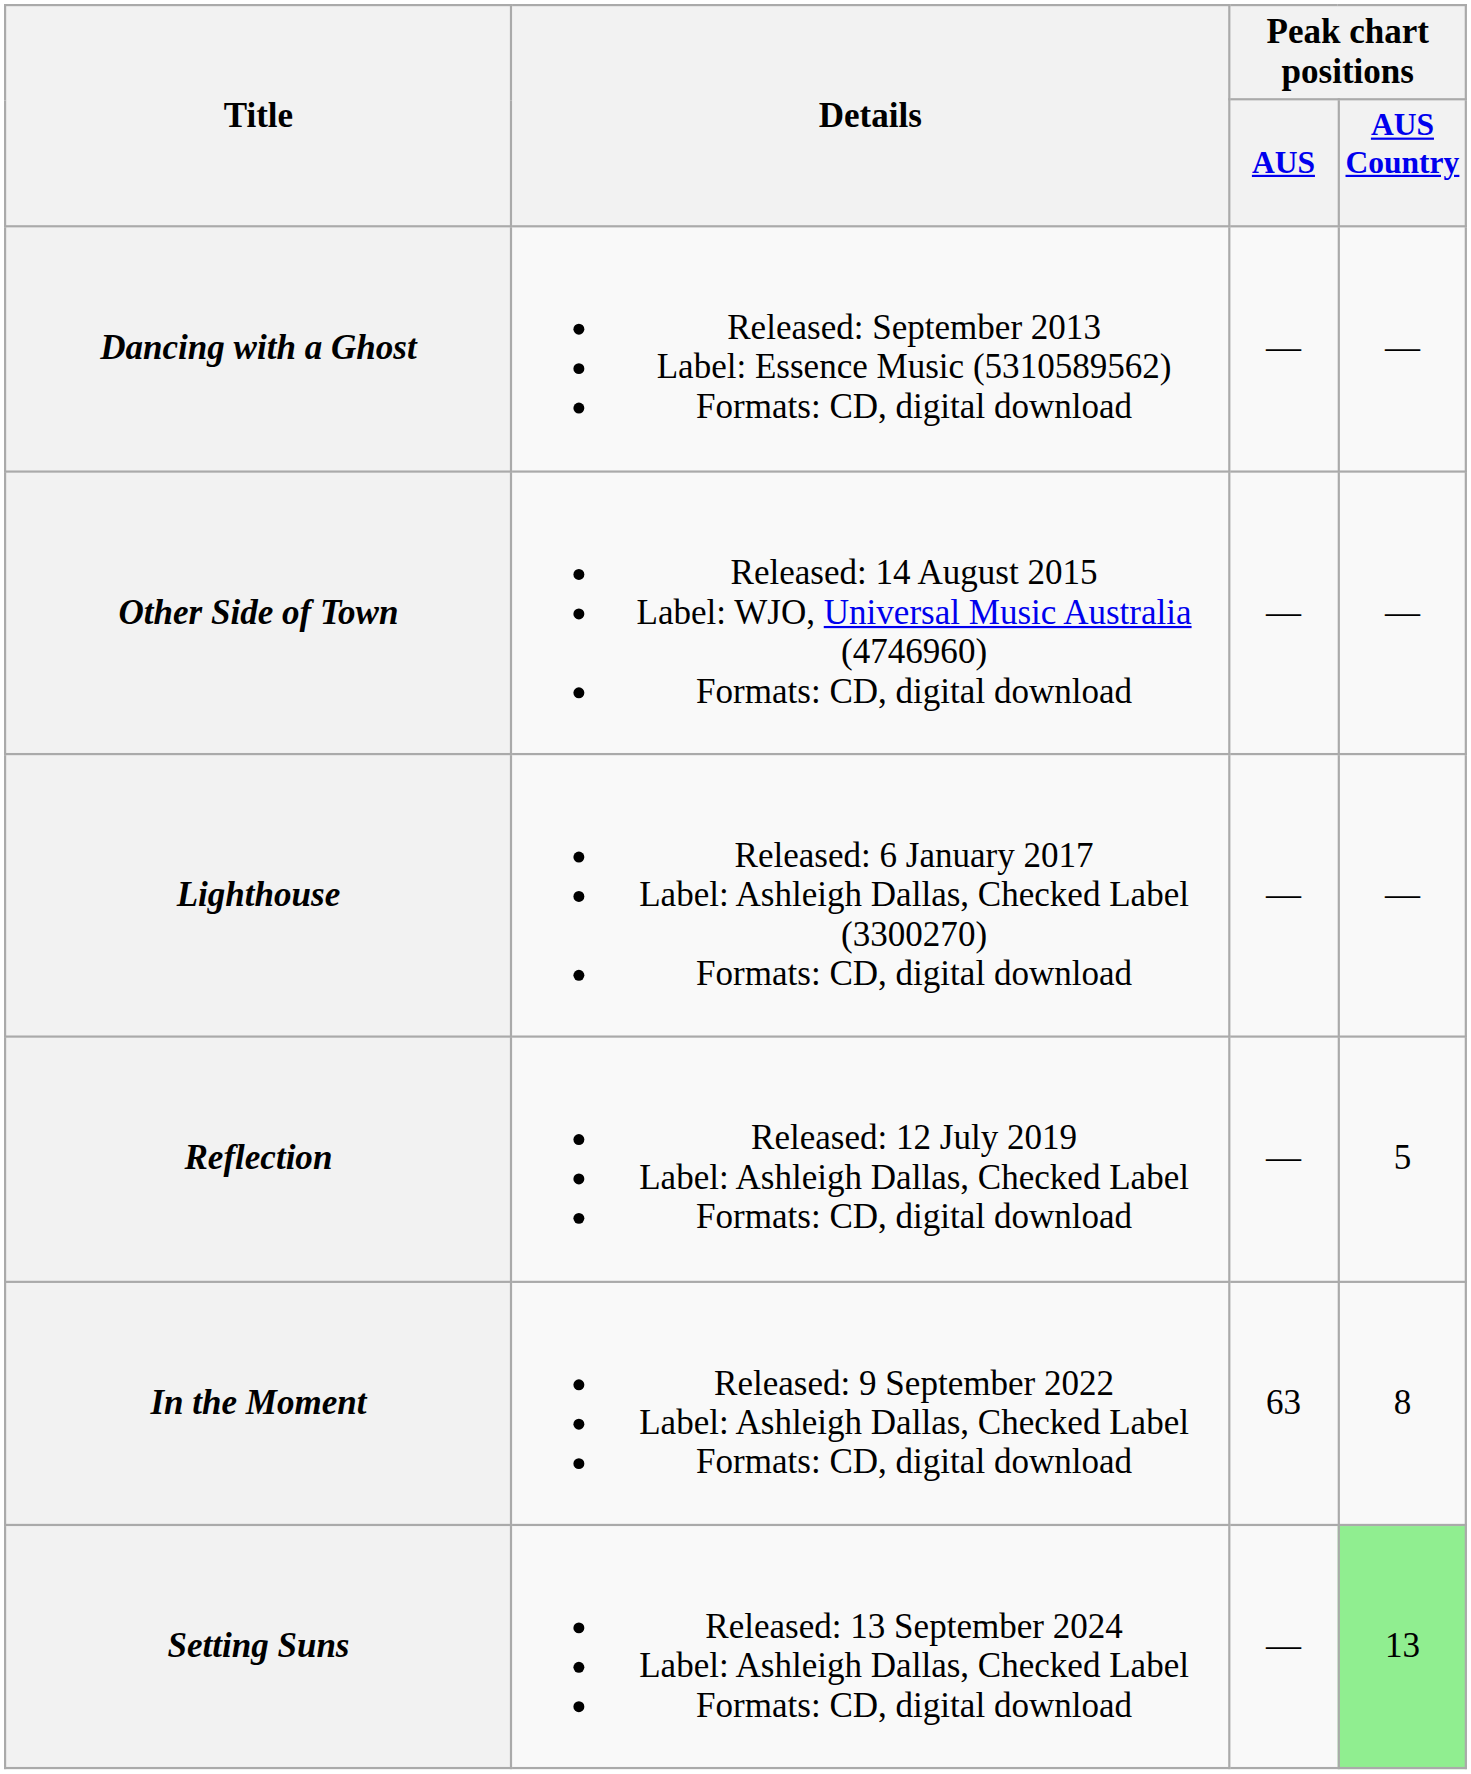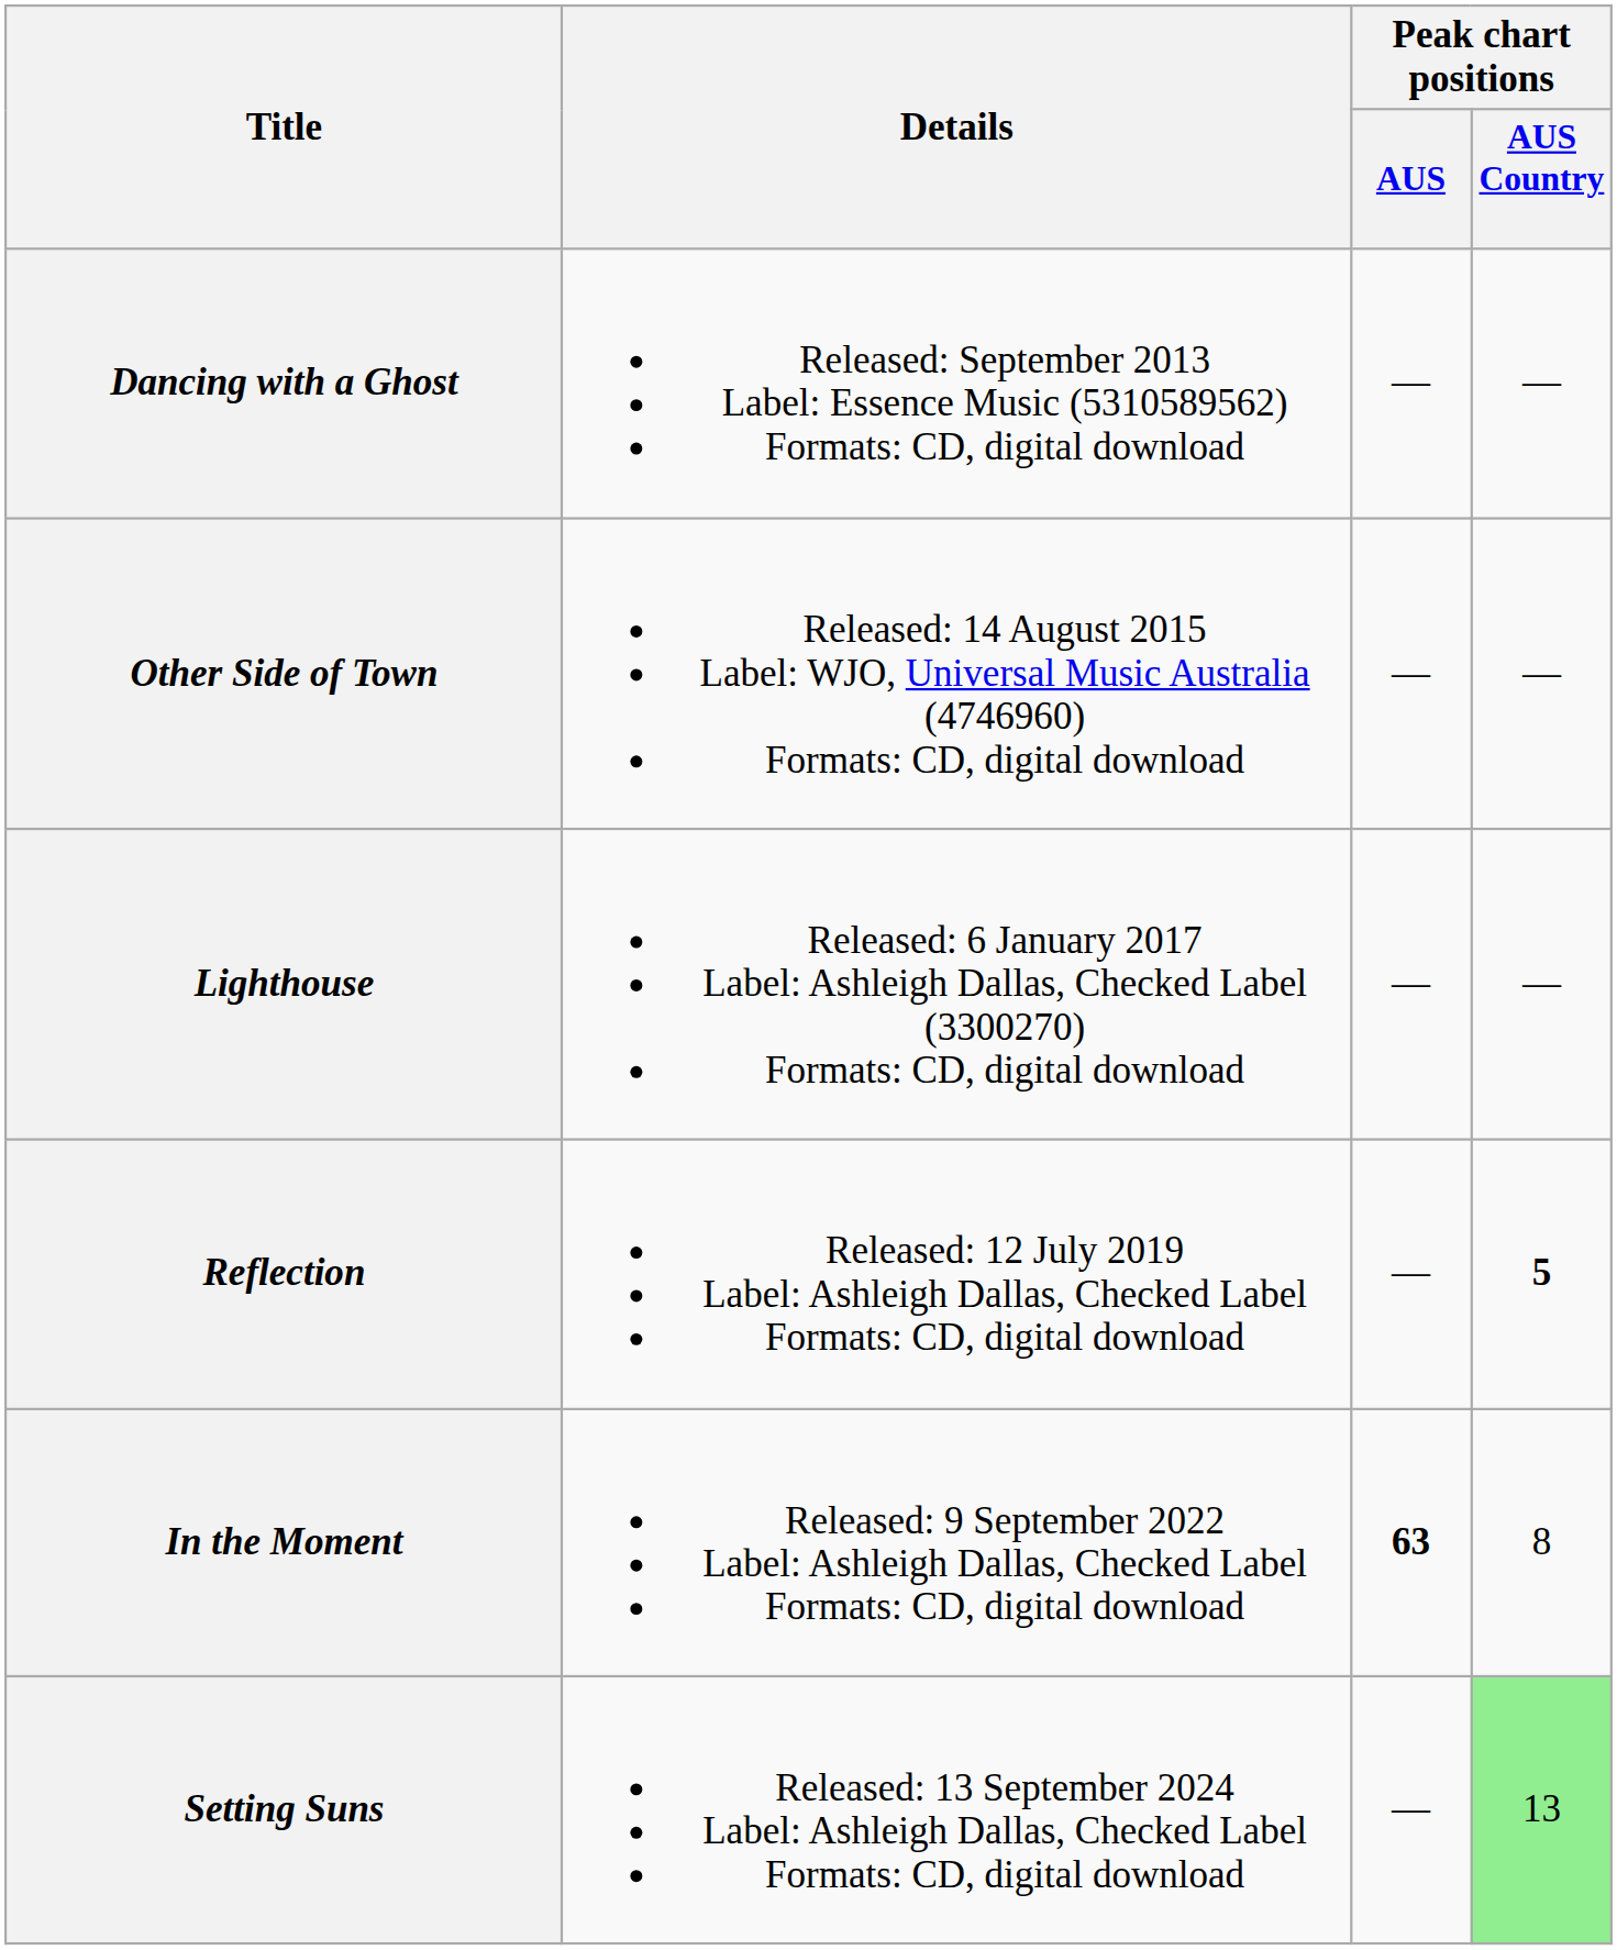 <table class="wikitable plainrowheaders" style="text-align:center;">
 <tr>
 <th scope="col" rowspan="2" style="width:14em;">Title</th>
 <th scope="col" rowspan="2" style="width:20em;">Details</th>
 <th scope="col" colspan="2">Peak chart positions</th>
 </tr>
 <tr>
 <th scope="col" style="width:3em;font-size:90%;"><a href='#'>AUS</a><br></th>
 <th scope="col" style="width:3em;font-size:90%;"><a href='#'>AUS<br>Country</a><br><br></th>
 </tr>
 <tr>
 <th scope="row"><em>Dancing with a Ghost</em></th>
 <td><br><ul><li>Released: September 2013</li><li>Label: Essence Music (5310589562)</li><li>Formats: CD, digital download</li></ul></td>
 <td>—</td>
 <td>—</td>
 </tr>
 <tr>
 <th scope="row"><em>Other Side of Town</em></th>
 <td><br><ul><li>Released: 14 August 2015</li><li>Label: WJO, <a href='#'>Universal Music Australia</a> (4746960)</li><li>Formats: CD, digital download</li></ul></td>
 <td>—</td>
 <td>—</td>
 </tr>
 <tr>
 <th scope="row"><em>Lighthouse</em></th>
 <td><br><ul><li>Released: 6 January 2017</li><li>Label: Ashleigh Dallas, Checked Label (3300270)</li><li>Formats: CD, digital download</li></ul></td>
 <td>—</td>
 <td>—</td>
 </tr>
 <tr>
 <th scope="row"><em>Reflection</em></th>
 <td><br><ul><li>Released: 12 July 2019</li><li>Label: Ashleigh Dallas, Checked Label</li><li>Formats: CD, digital download</li></ul></td>
 <td>—</td>
-<td>5</td>
+<td><strong>5</strong></td>
 </tr>
 <tr>
 <th scope="row"><em>In the Moment</em></th>
 <td><br><ul><li>Released: 9 September 2022</li><li>Label: Ashleigh Dallas, Checked Label</li><li>Formats: CD, digital download</li></ul></td>
-<td>63</td>
+<td><strong>63</strong></td>
 <td>8</td>
 </tr>
 <tr>
 <th scope="row"><em>Setting Suns</em></th>
 <td><br><ul><li>Released: 13 September 2024</li><li>Label: Ashleigh Dallas, Checked Label</li><li>Formats: CD, digital download</li></ul></td>
 <td>—</td>
 <td style="background: lightgreen;">13</td>
 </tr>
 </table>
